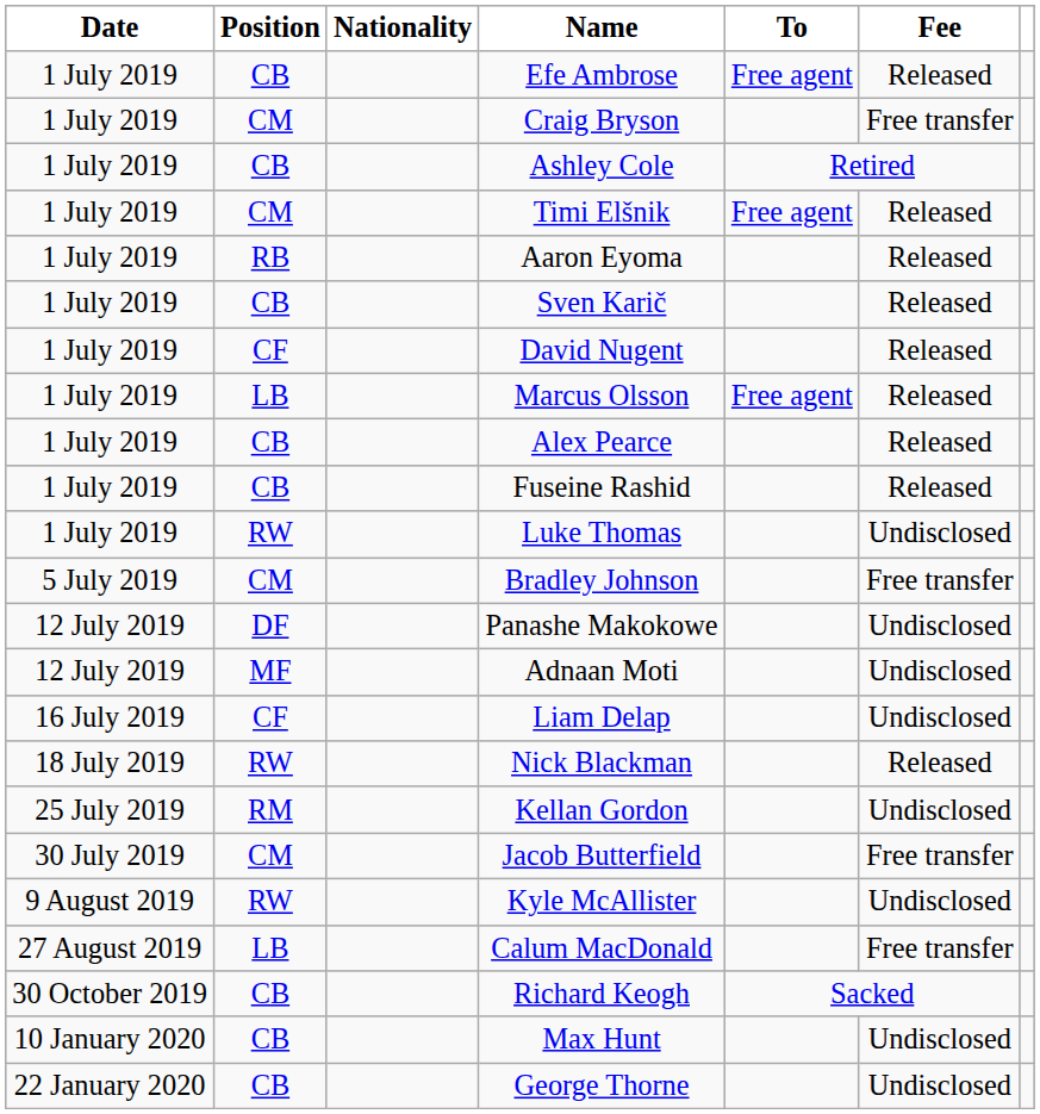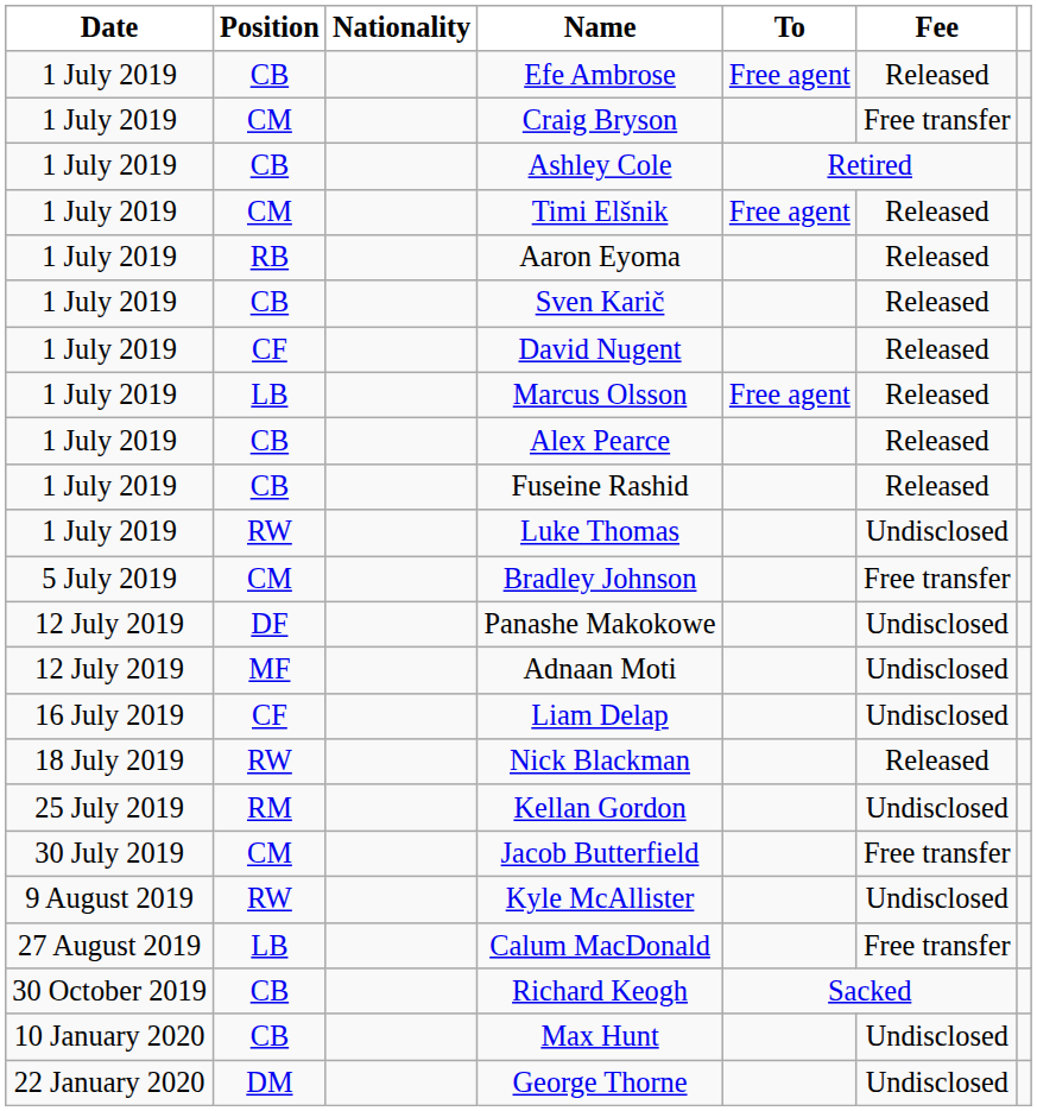 <table class="wikitable" style="text-align:center;">
 <tr>
 <th style="color:#000000; background:#ffffff; ">Date</th>
 <th style="color:#000000; background:#ffffff; ">Position</th>
 <th style="color:#000000; background:#ffffff; ">Nationality</th>
 <th style="color:#000000; background:#ffffff; ">Name</th>
 <th style="color:#000000; background:#ffffff; ">To</th>
 <th style="color:#000000; background:#ffffff; ">Fee</th>
 <th style="color:#000000; background:#ffffff; "></th>
 </tr>
 <tr>
 <td>1 July 2019</td>
 <td><a href='#'>CB</a></td>
 <td></td>
 <td><a href='#'>Efe Ambrose</a></td>
 <td><a href='#'>Free agent</a></td>
 <td>Released</td>
 <td></td>
 </tr>
 <tr>
 <td>1 July 2019</td>
 <td><a href='#'>CM</a></td>
 <td></td>
 <td><a href='#'>Craig Bryson</a></td>
 <td></td>
 <td>Free transfer</td>
 <td></td>
 </tr>
 <tr>
 <td>1 July 2019</td>
 <td><a href='#'>CB</a></td>
 <td></td>
 <td><a href='#'>Ashley Cole</a></td>
 <td colspan="2"><a href='#'>Retired</a></td>
 <td></td>
 </tr>
 <tr>
 <td>1 July 2019</td>
 <td><a href='#'>CM</a></td>
 <td></td>
 <td><a href='#'>Timi Elšnik</a></td>
 <td><a href='#'>Free agent</a></td>
 <td>Released</td>
 <td></td>
 </tr>
 <tr>
 <td>1 July 2019</td>
 <td><a href='#'>RB</a></td>
 <td></td>
 <td>Aaron Eyoma</td>
 <td></td>
 <td>Released</td>
 <td></td>
 </tr>
 <tr>
 <td>1 July 2019</td>
 <td><a href='#'>CB</a></td>
 <td></td>
 <td><a href='#'>Sven Karič</a></td>
 <td></td>
 <td>Released</td>
 <td></td>
 </tr>
 <tr>
 <td>1 July 2019</td>
 <td><a href='#'>CF</a></td>
 <td></td>
 <td><a href='#'>David Nugent</a></td>
 <td></td>
 <td>Released</td>
 <td></td>
 </tr>
 <tr>
 <td>1 July 2019</td>
 <td><a href='#'>LB</a></td>
 <td></td>
 <td><a href='#'>Marcus Olsson</a></td>
 <td><a href='#'>Free agent</a></td>
 <td>Released</td>
 <td></td>
 </tr>
 <tr>
 <td>1 July 2019</td>
 <td><a href='#'>CB</a></td>
 <td></td>
 <td><a href='#'>Alex Pearce</a></td>
 <td></td>
 <td>Released</td>
 <td></td>
 </tr>
 <tr>
 <td>1 July 2019</td>
 <td><a href='#'>CB</a></td>
 <td></td>
 <td>Fuseine Rashid</td>
 <td></td>
 <td>Released</td>
 <td></td>
 </tr>
 <tr>
 <td>1 July 2019</td>
 <td><a href='#'>RW</a></td>
 <td></td>
 <td><a href='#'>Luke Thomas</a></td>
 <td></td>
 <td>Undisclosed</td>
 <td></td>
 </tr>
 <tr>
 <td>5 July 2019</td>
 <td><a href='#'>CM</a></td>
 <td></td>
 <td><a href='#'>Bradley Johnson</a></td>
 <td></td>
 <td>Free transfer</td>
 <td></td>
 </tr>
 <tr>
 <td>12 July 2019</td>
 <td><a href='#'>DF</a></td>
 <td></td>
 <td>Panashe Makokowe</td>
 <td></td>
 <td>Undisclosed</td>
 <td></td>
 </tr>
 <tr>
 <td>12 July 2019</td>
 <td><a href='#'>MF</a></td>
 <td></td>
 <td>Adnaan Moti</td>
 <td></td>
 <td>Undisclosed</td>
 <td></td>
 </tr>
 <tr>
 <td>16 July 2019</td>
 <td><a href='#'>CF</a></td>
 <td></td>
 <td><a href='#'>Liam Delap</a></td>
 <td></td>
 <td>Undisclosed</td>
 <td></td>
 </tr>
 <tr>
 <td>18 July 2019</td>
 <td><a href='#'>RW</a></td>
 <td></td>
 <td><a href='#'>Nick Blackman</a></td>
 <td></td>
 <td>Released</td>
 <td></td>
 </tr>
 <tr>
 <td>25 July 2019</td>
 <td><a href='#'>RM</a></td>
 <td></td>
 <td><a href='#'>Kellan Gordon</a></td>
 <td></td>
 <td>Undisclosed</td>
 <td></td>
 </tr>
 <tr>
 <td>30 July 2019</td>
 <td><a href='#'>CM</a></td>
 <td></td>
 <td><a href='#'>Jacob Butterfield</a></td>
 <td></td>
 <td>Free transfer</td>
 <td></td>
 </tr>
 <tr>
 <td>9 August 2019</td>
 <td><a href='#'>RW</a></td>
 <td></td>
 <td><a href='#'>Kyle McAllister</a></td>
 <td></td>
 <td>Undisclosed</td>
 <td></td>
 </tr>
 <tr>
 <td>27 August 2019</td>
 <td><a href='#'>LB</a></td>
 <td></td>
 <td><a href='#'>Calum MacDonald</a></td>
 <td></td>
 <td>Free transfer</td>
 <td></td>
 </tr>
 <tr>
 <td>30 October 2019</td>
 <td><a href='#'>CB</a></td>
 <td></td>
 <td><a href='#'>Richard Keogh</a></td>
 <td colspan="2"><a href='#'>Sacked</a></td>
 <td></td>
 </tr>
 <tr>
 <td>10 January 2020</td>
 <td><a href='#'>CB</a></td>
 <td></td>
 <td><a href='#'>Max Hunt</a></td>
 <td></td>
 <td>Undisclosed</td>
 <td></td>
 </tr>
 <tr>
 <td>22 January 2020</td>
-<td><a href='#'>CB</a></td>
+<td><a href='#'>DM</a></td>
 <td></td>
 <td><a href='#'>George Thorne</a></td>
 <td></td>
 <td>Undisclosed</td>
 <td></td>
 </tr>
 </table>
